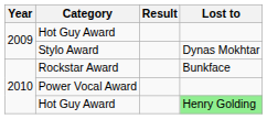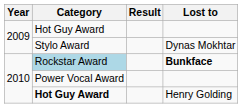 <table class="wikitable">
 <tr align="center">
 <th>Year</th>
 <th>Category</th>
 <th>Result</th>
 <th>Lost to</th>
 </tr>
 <tr>
 <td rowspan=2>2009</td>
 <td>Hot Guy Award</td>
 <td></td>
 <td></td>
 </tr>
 <tr>
 <td>Stylo Award</td>
 <td></td>
 <td>Dynas Mokhtar</td>
 </tr>
 <tr>
 <td rowspan=3>2010</td>
-<td>Rockstar Award</td>
+<td style="background: lightblue;">Rockstar Award</td>
 <td></td>
-<td>Bunkface</td>
+<td><strong>Bunkface</strong></td>
 </tr>
 <tr>
 <td>Power Vocal Award</td>
 <td></td>
 <td></td>
 </tr>
 <tr>
-<td>Hot Guy Award</td>
+<td><strong>Hot Guy Award</strong></td>
 <td></td>
-<td style="background: lightgreen;">Henry Golding</td>
+<td>Henry Golding</td>
 </tr>
 </table>
